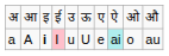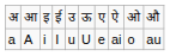 <table class="wikitable">
 <tr class="Unicode">
 <td>अ</td>
 <td>आ</td>
 <td>इ</td>
 <td>ई</td>
 <td>उ</td>
 <td>ऊ</td>
 <td>ए</td>
 <td>ऐ</td>
 <td>ओ</td>
 <td>औ</td>
 </tr>
 <tr>
 <td>a</td>
 <td>A</td>
-<td><strong>i</strong></td>
-<td style="background: pink;">I</td>
+<td>i</td>
+<td>I</td>
 <td>u</td>
 <td>U</td>
 <td>e</td>
-<td style="background: paleturquoise;">ai</td>
+<td>ai</td>
 <td>o</td>
 <td>au</td>
 </tr>
 </table>
